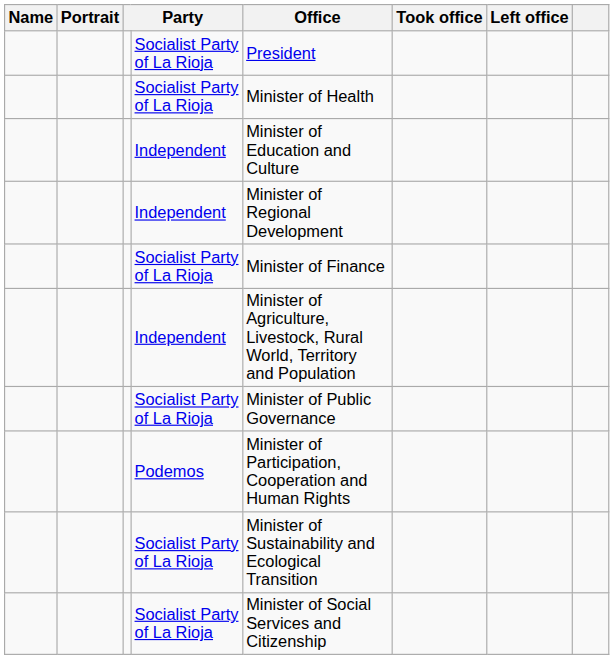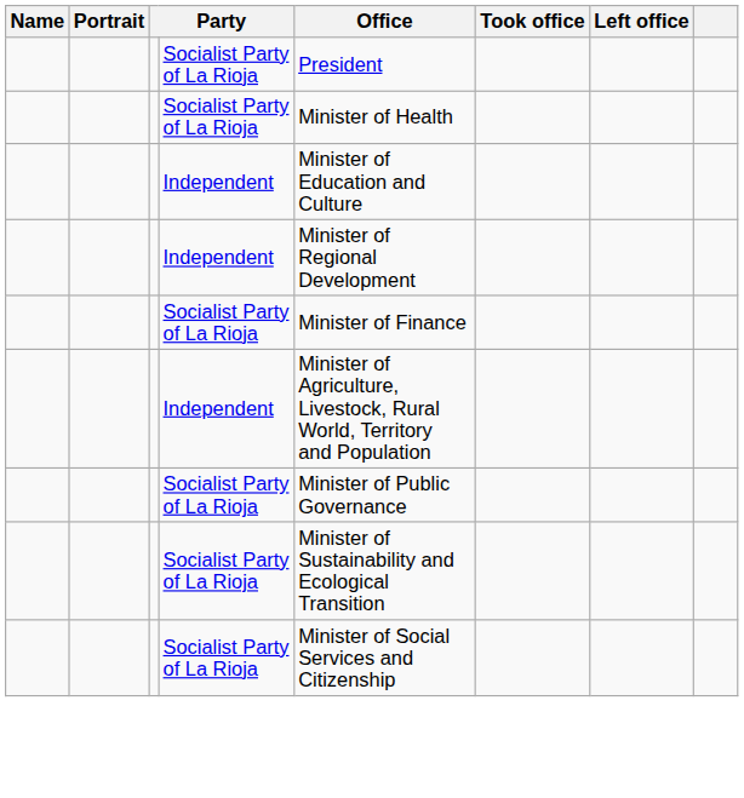 <table class="wikitable plainrowheaders sortable" style="font-size:90%; text-align:left;">
 <tr>
 <th scope=col>Name</th>
 <th scope=col class=unsortable>Portrait</th>
 <th scope=col colspan="2">Party</th>
 <th scope=col width=125px>Office</th>
 <th scope=col>Took office</th>
 <th scope=col>Left office</th>
 <th scope=col width=25px class=unsortable></th>
 </tr>
 <tr>
 <td style="white-space: nowrap;"></td>
 <td align=center></td>
 <td !align="center" style="background:"></td>
 <td><a href='#'>Socialist Party<br>of La Rioja</a></td>
 <td><a href='#'>President</a></td>
 <td align=center></td>
 <td></td>
 <td align=center></td>
 </tr>
 <tr>
 <td style="white-space: nowrap;"></td>
 <td align=center></td>
 <td !align="center" style="background:"></td>
 <td><a href='#'>Socialist Party<br>of La Rioja</a></td>
 <td>Minister of Health</td>
 <td align=center></td>
 <td></td>
 <td align=center></td>
 </tr>
 <tr>
 <td style="white-space: nowrap;"></td>
 <td align=center></td>
 <td !align="center" style="background:"></td>
 <td><a href='#'>Independent</a></td>
 <td>Minister of Education and Culture</td>
 <td align=center></td>
 <td></td>
 <td align=center></td>
 </tr>
 <tr>
 <td style="white-space: nowrap;"></td>
 <td align=center></td>
 <td !align="center" style="background:"></td>
 <td><a href='#'>Independent</a></td>
 <td>Minister of Regional Development</td>
 <td align=center></td>
 <td></td>
 <td align=center></td>
 </tr>
 <tr>
 <td style="white-space: nowrap;"></td>
 <td align=center></td>
 <td !align="center" style="background:"></td>
 <td><a href='#'>Socialist Party<br>of La Rioja</a></td>
 <td>Minister of Finance</td>
 <td align=center></td>
 <td></td>
 <td align=center></td>
 </tr>
 <tr>
 <td style="white-space: nowrap;"></td>
 <td align=center></td>
 <td !align="center" style="background:"></td>
 <td><a href='#'>Independent</a></td>
 <td>Minister of Agriculture, Livestock, Rural World, Territory and Population</td>
 <td align=center></td>
 <td></td>
 <td align=center></td>
 </tr>
 <tr>
 <td style="white-space: nowrap;"></td>
 <td align=center></td>
 <td !align="center" style="background:"></td>
 <td><a href='#'>Socialist Party<br>of La Rioja</a></td>
 <td>Minister of Public Governance</td>
 <td align=center></td>
 <td></td>
 <td align=center></td>
 </tr>
 <tr>
 <td style="white-space: nowrap;"></td>
 <td align=center></td>
 <td !align="center" style="background:"></td>
-<td><a href='#'>Podemos</a></td>
-<td>Minister of Participation, Cooperation and Human Rights</td>
-<td align=center></td>
-<td></td>
-<td align=center></td>
-</tr>
-<tr>
-<td style="white-space: nowrap;"></td>
-<td align=center></td>
-<td !align="center" style="background:"></td>
 <td><a href='#'>Socialist Party<br>of La Rioja</a></td>
 <td>Minister of Sustainability and Ecological Transition</td>
 <td align=center></td>
 <td></td>
 <td align=center></td>
 </tr>
 <tr>
 <td style="white-space: nowrap;"></td>
 <td align=center></td>
 <td !align="center" style="background:"></td>
 <td><a href='#'>Socialist Party<br>of La Rioja</a></td>
 <td>Minister of Social Services and Citizenship</td>
 <td align=center></td>
 <td></td>
 <td align=center></td>
 </tr>
 </table>
